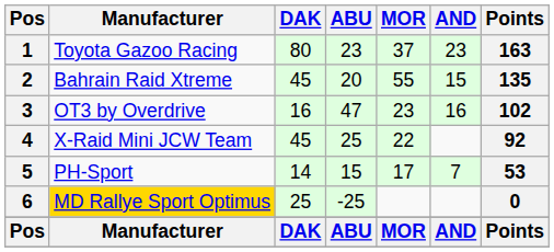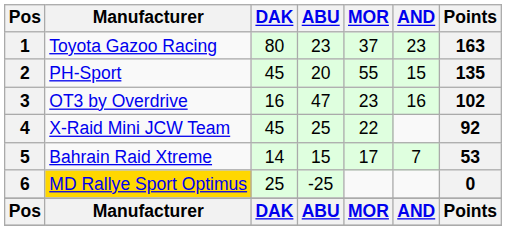 <table class="wikitable" style="font-size: 85%; text-align: center; display: inline-table;">
 <tr valign="top">
 <th valign="middle">Pos</th>
 <th valign="middle">Manufacturer</th>
 <th><a href='#'>DAK</a><br></th>
 <th><a href='#'>ABU</a><br></th>
 <th><a href='#'>MOR</a><br></th>
 <th><a href='#'>AND</a><br></th>
 <th valign="middle">Points</th>
 </tr>
 <tr>
 <th>1</th>
 <td align=left><a href='#'>Toyota Gazoo Racing</a></td>
 <td style="background:#dfffdf;">80</td>
 <td style="background:#dfffdf;">23</td>
 <td style="background:#dfffdf;">37</td>
 <td style="background:#dfffdf;">23</td>
 <th>163</th>
 </tr>
 <tr>
 <th>2</th>
-<td align=left><a href='#'>Bahrain Raid Xtreme</a></td>
+<td align=left><a href='#'>PH-Sport</a></td>
 <td style="background:#dfffdf;">45</td>
 <td style="background:#dfffdf;">20</td>
 <td style="background:#dfffdf;">55</td>
 <td style="background:#dfffdf;">15</td>
 <th>135</th>
 </tr>
 <tr>
 <th>3</th>
 <td align=left><a href='#'>OT3 by Overdrive</a></td>
 <td style="background:#dfffdf;">16</td>
 <td style="background:#dfffdf;">47</td>
 <td style="background:#dfffdf;">23</td>
 <td style="background:#dfffdf;">16</td>
 <th>102</th>
 </tr>
 <tr>
 <th>4</th>
 <td align=left><a href='#'>X-Raid Mini JCW Team</a></td>
 <td style="background:#dfffdf;">45</td>
 <td style="background:#dfffdf;">25</td>
 <td style="background:#dfffdf;">22</td>
 <td></td>
 <th>92</th>
 </tr>
 <tr>
 <th>5</th>
-<td align=left><a href='#'>PH-Sport</a></td>
+<td align=left><a href='#'>Bahrain Raid Xtreme</a></td>
 <td style="background:#dfffdf;">14</td>
 <td style="background:#dfffdf;">15</td>
 <td style="background:#dfffdf;">17</td>
 <td style="background:#dfffdf;">7</td>
 <th>53</th>
 </tr>
 <tr>
 <th>6</th>
 <td align=left style="background: gold;"><a href='#'>MD Rallye Sport Optimus</a></td>
 <td style="background:#dfffdf;">25</td>
 <td style="background:#dfffdf;">-25</td>
 <td></td>
 <td></td>
 <th>0</th>
 </tr>
 <tr>
 </tr>
 <tr valign="top">
 <th valign="middle">Pos</th>
 <th valign="middle">Manufacturer</th>
 <th><a href='#'>DAK</a><br></th>
 <th><a href='#'>ABU</a><br></th>
 <th><a href='#'>MOR</a><br></th>
 <th><a href='#'>AND</a><br></th>
 <th valign="middle">Points</th>
 </tr>
 <tr>
 </tr>
 </table>
